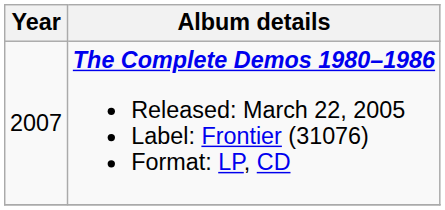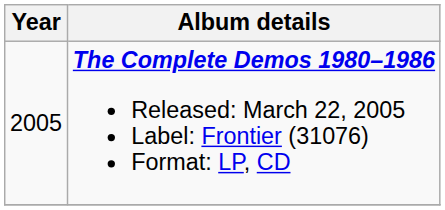 <table class ="wikitable">
 <tr>
 <th>Year</th>
 <th>Album details</th>
 </tr>
 <tr>
-<td>2007</td>
+<td>2005</td>
 <td><strong><em><a href='#'>The Complete Demos 1980–1986</a></em></strong><br><ul><li>Released: March 22, 2005</li><li>Label: <a href='#'>Frontier</a> (31076)</li><li>Format: <a href='#'>LP</a>, <a href='#'>CD</a></li></ul></td>
 </tr>
 <tr>
 </tr>
 </table>
